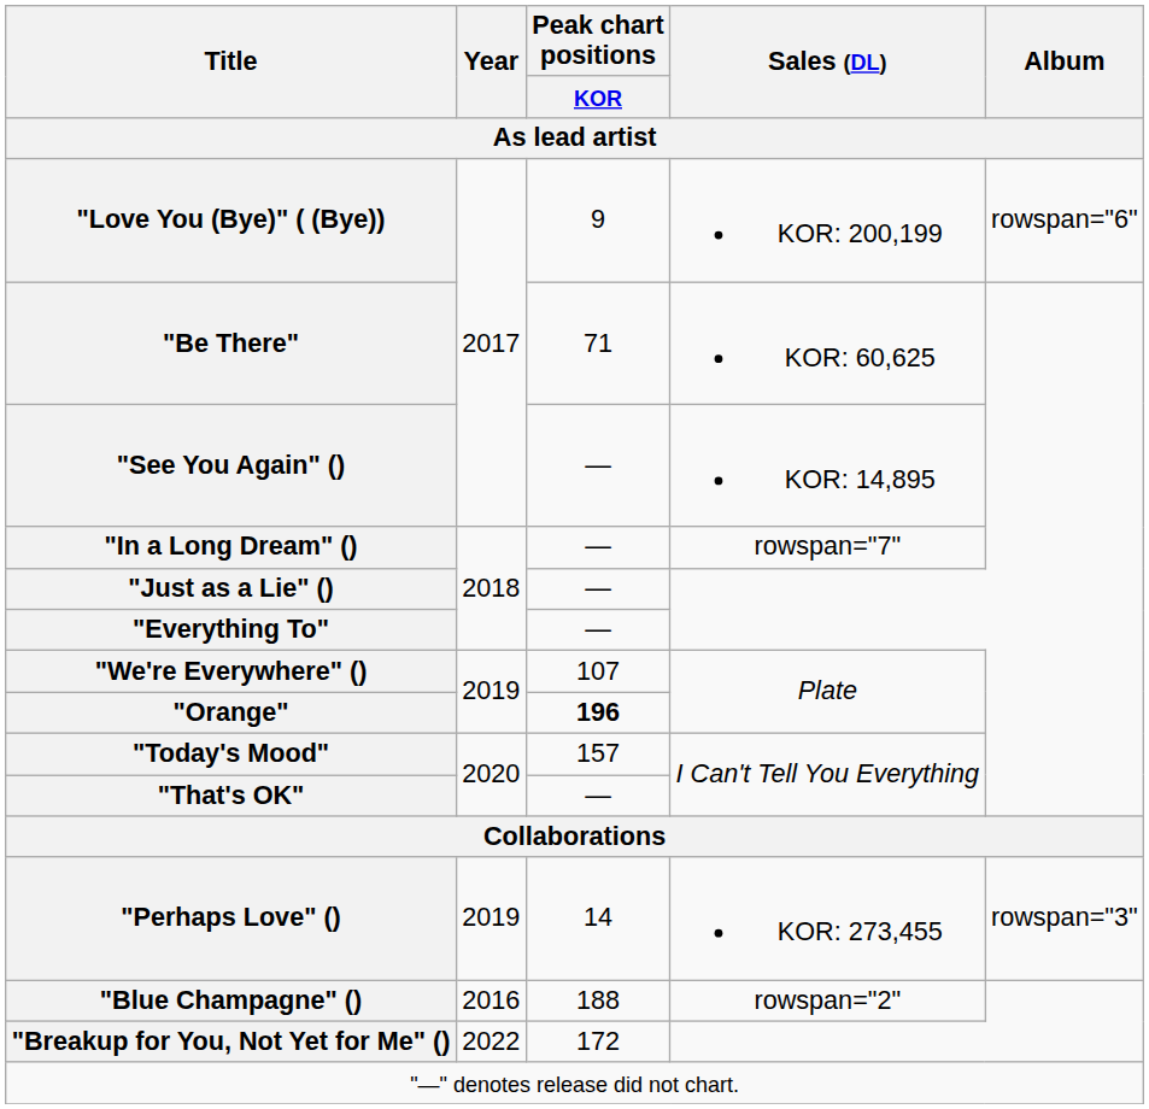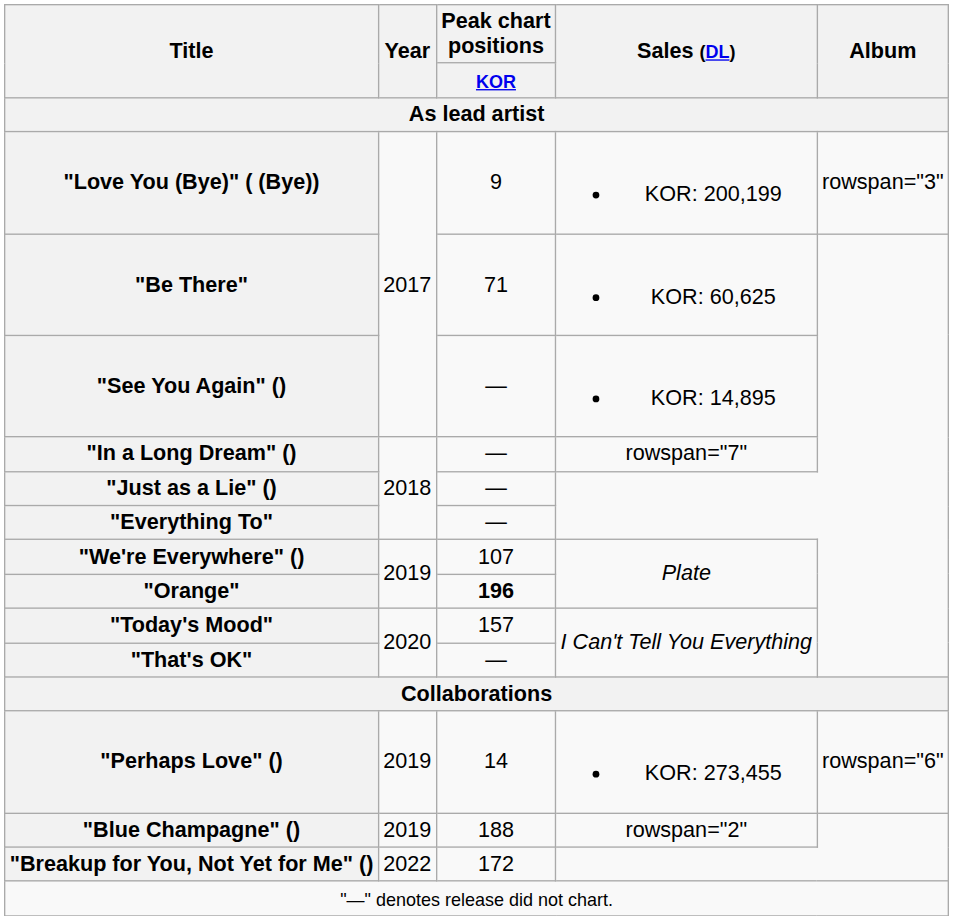 <table class="wikitable sortable plainrowheaders" style="text-align:center;">
 <tr>
 <th scope="col" rowspan="2">Title</th>
 <th scope="col" rowspan="2">Year</th>
 <th scope="col" colspan="1">Peak chart <br> positions</th>
 <th scope="col" rowspan="2">Sales <small>(<a href='#'>DL</a>)</small></th>
 <th scope="col" rowspan="2">Album</th>
 </tr>
 <tr>
 <th><small><a href='#'>KOR</a></small><br></th>
 </tr>
 <tr>
 <th colspan="5">As lead artist</th>
 </tr>
 <tr>
 <th scope="row">"Love You (Bye)" ( (Bye))</th>
 <td rowspan="3">2017</td>
 <td>9</td>
 <td><br><ul><li>KOR: 200,199</li></ul></td>
-<td>rowspan="6" </td>
+<td>rowspan="3" </td>
 </tr>
 <tr>
 <th scope="row">"Be There"</th>
 <td>71</td>
 <td><br><ul><li>KOR: 60,625</li></ul></td>
 </tr>
 <tr>
 <th scope="row">"See You Again" ()</th>
 <td>—</td>
 <td><br><ul><li>KOR: 14,895</li></ul></td>
 </tr>
 <tr>
 <th scope="row">"In a Long Dream" ()</th>
 <td rowspan="3">2018</td>
 <td>—</td>
 <td>rowspan="7" </td>
 </tr>
 <tr>
 <th scope="row">"Just as a Lie" ()</th>
 <td>—</td>
 </tr>
 <tr>
 <th scope="row">"Everything To"</th>
 <td>—</td>
 </tr>
 <tr>
 <th scope="row">"We're Everywhere" ()</th>
 <td rowspan="2">2019</td>
 <td>107</td>
 <td rowspan="2"><em>Plate</em></td>
 </tr>
 <tr>
 <th scope="row">"Orange"</th>
 <td><strong>196</strong></td>
 </tr>
 <tr>
 <th scope="row">"Today's Mood"</th>
 <td rowspan="2">2020</td>
 <td>157</td>
 <td rowspan="2"><em>I Can't Tell You Everything</em></td>
 </tr>
 <tr>
 <th scope="row">"That's OK"</th>
 <td>—</td>
 </tr>
 <tr>
 <th colspan="5">Collaborations</th>
 </tr>
 <tr>
 <th scope="row">"Perhaps Love" ()<br></th>
 <td>2019</td>
 <td>14</td>
 <td><br><ul><li>KOR: 273,455</li></ul></td>
-<td>rowspan="3" </td>
+<td>rowspan="6" </td>
 </tr>
 <tr>
 <th scope="row">"Blue Champagne" ()<br></th>
-<td>2016</td>
+<td>2019</td>
 <td>188</td>
 <td>rowspan="2" </td>
 </tr>
 <tr>
 <th scope="row">"Breakup for You, Not Yet for Me" ()<br></th>
 <td>2022</td>
 <td>172</td>
 </tr>
 <tr>
 <td colspan="5"><small>"—" denotes release did not chart.</small></td>
 </tr>
 </table>
